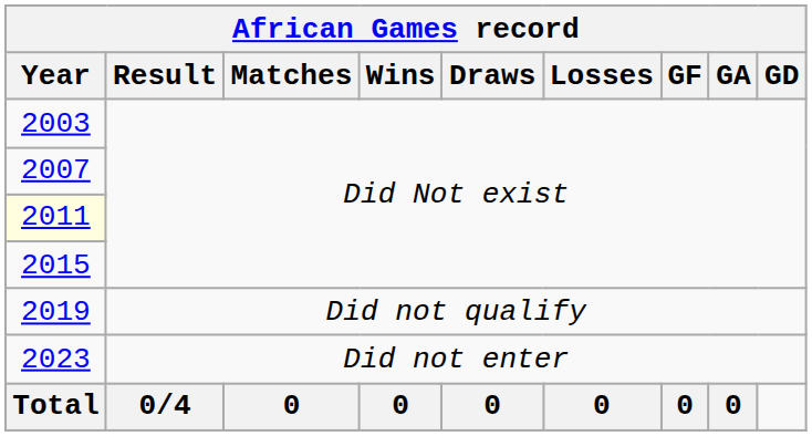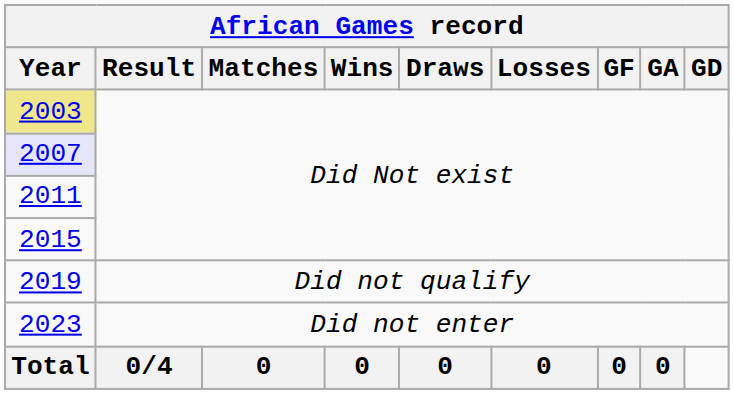 <table class="wikitable" style="text-align: center;">
 <tr>
 <th colspan=9><a href='#'>African Games</a> record</th>
 </tr>
 <tr>
 <th>Year</th>
 <th>Result</th>
 <th>Matches</th>
 <th>Wins</th>
 <th>Draws</th>
 <th>Losses</th>
 <th>GF</th>
 <th>GA</th>
 <th>GD</th>
 </tr>
 <tr>
-<td> <a href='#'>2003</a></td>
+<td style="background: khaki;"> <a href='#'>2003</a></td>
 <td colspan=8 rowspan=4><em>Did Not exist</em></td>
 </tr>
 <tr>
-<td> <a href='#'>2007</a></td>
+<td style="background: lavender;"> <a href='#'>2007</a></td>
 </tr>
 <tr>
-<td style="background: lightyellow;"> <a href='#'>2011</a></td>
+<td> <a href='#'>2011</a></td>
 </tr>
 <tr>
 <td> <a href='#'>2015</a></td>
 </tr>
 <tr>
 <td> <a href='#'>2019</a></td>
 <td colspan=8><em>Did not qualify</em></td>
 </tr>
 <tr>
 <td> <a href='#'>2023</a></td>
 <td colspan=8><em>Did not enter</em></td>
 </tr>
 <tr>
 <th>Total</th>
 <th>0/4</th>
 <th>0</th>
 <th>0</th>
 <th>0</th>
 <th>0</th>
 <th>0</th>
 <th>0</th>
 </tr>
 </table>
